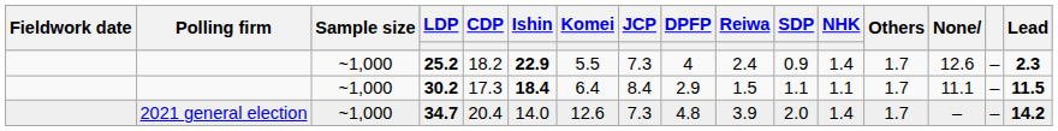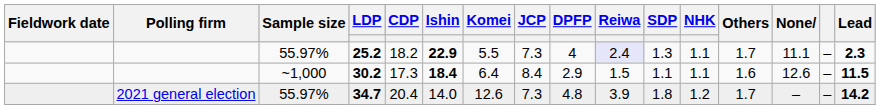 <table class="wikitable mw-datatable sortable mw-collapsible mw-collapsed" style="text-align:center;font-size:90%;line-height:14px;">
 <tr style="height:30px; background-color:#8B8B8B">
 <th rowspan="2" class="unsortable">Fieldwork date</th>
 <th rowspan="2" class="unsortable">Polling firm</th>
 <th rowspan="2" class="unsortable">Sample size</th>
 <th class="unsortable"><a href='#'>LDP</a></th>
 <th class="unsortable"><a href='#'>CDP</a></th>
 <th class="unsortable"><a href='#'>Ishin</a></th>
 <th class="unsortable"><a href='#'>Komei</a></th>
 <th class="unsortable"><a href='#'>JCP</a></th>
 <th class="unsortable"><a href='#'>DPFP</a></th>
 <th class="unsortable"><a href='#'>Reiwa</a></th>
 <th class="unsortable"><a href='#'>SDP</a></th>
 <th class="unsortable"><a href='#'>NHK</a></th>
 <th rowspan="2" class="unsortable">Others</th>
 <th rowspan="2" class="unsortable">None/</th>
 <th rowspan="2" class="unsortable"></th>
 <th rowspan="2" class="unsortable">Lead</th>
 </tr>
 <tr>
 <th data-sort-type="number" style="background:"></th>
 <th data-sort-type="number" style="background:"></th>
 <th data-sort-type="number" style="background:"></th>
 <th data-sort-type="number" style="background:"></th>
 <th data-sort-type="number" style="background:"></th>
 <th data-sort-type="number" style="background:"></th>
 <th data-sort-type="number" style="background:"></th>
 <th data-sort-type="number" style="background:"></th>
 <th data-sort-type="number" style="background:"></th>
 </tr>
 <tr>
 <td></td>
 <td></td>
-<td>~1,000</td>
+<td>55.97%</td>
 <td><strong>25.2</strong></td>
 <td>18.2</td>
 <td><strong>22.9</strong></td>
 <td>5.5</td>
 <td>7.3</td>
 <td>4</td>
-<td>2.4</td>
-<td>0.9</td>
-<td>1.4</td>
+<td style="background: lavender;">2.4</td>
+<td>1.3</td>
+<td>1.1</td>
 <td>1.7</td>
-<td>12.6</td>
+<td>11.1</td>
 <td>–</td>
 <td style="background:"><strong>2.3</strong></td>
 </tr>
 <tr>
 <td></td>
 <td></td>
 <td>~1,000</td>
 <td><strong>30.2</strong></td>
 <td>17.3</td>
 <td><strong>18.4</strong></td>
 <td>6.4</td>
 <td>8.4</td>
 <td>2.9</td>
 <td>1.5</td>
 <td>1.1</td>
 <td>1.1</td>
-<td>1.7</td>
-<td>11.1</td>
+<td>1.6</td>
+<td>12.6</td>
 <td>–</td>
 <td style="background:"><strong>11.5</strong></td>
 </tr>
 <tr style="background:#EFEFEF;">
 <td></td>
 <td><a href='#'>2021 general election</a></td>
-<td>~1,000</td>
+<td>55.97%</td>
 <td><strong>34.7</strong></td>
 <td>20.4</td>
 <td>14.0</td>
 <td>12.6</td>
 <td>7.3</td>
 <td>4.8</td>
 <td>3.9</td>
-<td>2.0</td>
-<td>1.4</td>
+<td>1.8</td>
+<td>1.2</td>
 <td>1.7</td>
 <td>–</td>
 <td>–</td>
 <td style="background:"><strong>14.2</strong></td>
 </tr>
 </table>
